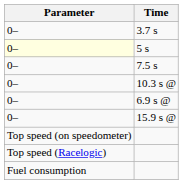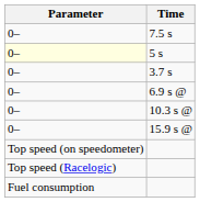 <table class="wikitable">
 <tr>
 <th>Parameter</th>
 <th>Time</th>
 </tr>
 <tr>
 <td>0–</td>
-<td>3.7 s</td>
+<td>7.5 s</td>
 </tr>
 <tr>
 <td style="background: lightyellow;">0–</td>
 <td>5 s</td>
 </tr>
 <tr>
 <td>0–</td>
-<td>7.5 s</td>
+<td>3.7 s</td>
+</tr>
+<tr>
+<td>0–</td>
+<td>6.9 s @ </td>
 </tr>
 <tr>
 <td>0–</td>
 <td>10.3 s @ </td>
-</tr>
-<tr>
-<td>0–</td>
-<td>6.9 s @ </td>
 </tr>
 <tr>
 <td>0–</td>
 <td>15.9 s @ </td>
 </tr>
 <tr>
 <td>Top speed (on speedometer)</td>
 <td></td>
 </tr>
 <tr>
 <td>Top speed (<a href='#'>Racelogic</a>)</td>
 <td></td>
 </tr>
 <tr>
 <td>Fuel consumption</td>
 <td></td>
 </tr>
 </table>
